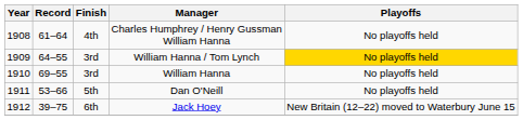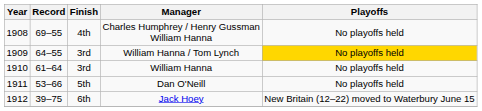 <table class="wikitable">
 <tr style="background: #F2F2F2;">
 <th>Year</th>
 <th>Record</th>
 <th>Finish</th>
 <th>Manager</th>
 <th>Playoffs</th>
 </tr>
 <tr align=center>
 <td>1908</td>
-<td>61–64</td>
+<td>69–55</td>
 <td>4th</td>
 <td>Charles Humphrey / Henry Gussman <br>William Hanna</td>
 <td>No playoffs held</td>
 </tr>
 <tr align=center>
 <td>1909</td>
 <td>64–55</td>
 <td>3rd</td>
 <td>William Hanna / Tom Lynch</td>
 <td style="background: gold;">No playoffs held</td>
 </tr>
 <tr align=center>
 <td>1910</td>
-<td>69–55</td>
+<td>61–64</td>
 <td>3rd</td>
 <td>William Hanna</td>
 <td>No playoffs held</td>
 </tr>
 <tr align=center>
 <td>1911</td>
 <td>53–66</td>
 <td>5th</td>
 <td>Dan O'Neill</td>
 <td>No playoffs held</td>
 </tr>
 <tr align=center>
 <td>1912</td>
 <td>39–75</td>
 <td>6th</td>
 <td><a href='#'>Jack Hoey</a></td>
 <td>New Britain (12–22) moved to Waterbury June 15</td>
 </tr>
 <tr align=center>
 </tr>
 </table>
